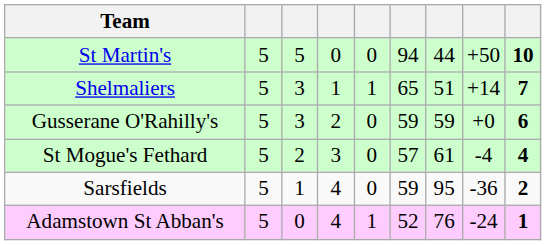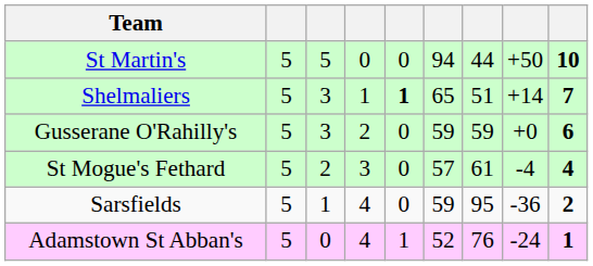 <table class="wikitable" style="text-align:center">
 <tr>
 <th style="width:175px;">Team</th>
 <th width="20"></th>
 <th width="20"></th>
 <th width="20"></th>
 <th width="20"></th>
 <th width="20"></th>
 <th width="20"></th>
 <th width="20"></th>
 <th width="20"></th>
 </tr>
 <tr style="background:#cfc;">
 <td><a href='#'>St Martin's</a></td>
 <td>5</td>
 <td>5</td>
 <td>0</td>
 <td>0</td>
 <td>94</td>
 <td>44</td>
 <td>+50</td>
 <td><strong>10</strong></td>
 </tr>
 <tr style="background:#cfc;">
 <td><a href='#'>Shelmaliers</a></td>
 <td>5</td>
 <td>3</td>
 <td>1</td>
-<td>1</td>
+<td><strong>1</strong></td>
 <td>65</td>
 <td>51</td>
 <td>+14</td>
 <td><strong>7</strong></td>
 </tr>
 <tr style="background:#cfc;">
 <td>Gusserane O'Rahilly's</td>
 <td>5</td>
 <td>3</td>
 <td>2</td>
 <td>0</td>
 <td>59</td>
 <td>59</td>
 <td>+0</td>
 <td><strong>6</strong></td>
 </tr>
 <tr style="background:#cfc;">
 <td>St Mogue's Fethard</td>
 <td>5</td>
 <td>2</td>
 <td>3</td>
 <td>0</td>
 <td>57</td>
 <td>61</td>
 <td>-4</td>
 <td><strong>4</strong></td>
 </tr>
 <tr>
 <td>Sarsfields</td>
 <td>5</td>
 <td>1</td>
 <td>4</td>
 <td>0</td>
 <td>59</td>
 <td>95</td>
 <td>-36</td>
 <td><strong>2</strong></td>
 </tr>
 <tr style="background:#fcf;">
 <td>Adamstown St Abban's</td>
 <td>5</td>
 <td>0</td>
 <td>4</td>
 <td>1</td>
 <td>52</td>
 <td>76</td>
 <td>-24</td>
 <td><strong>1</strong></td>
 </tr>
 </table>
